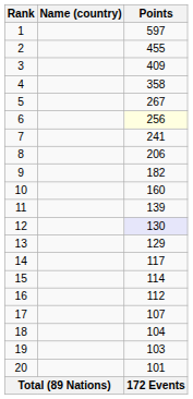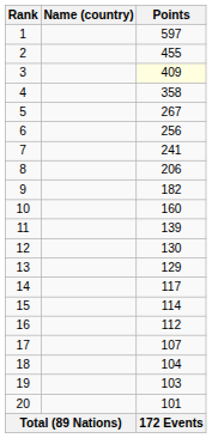 <table class=wikitable>
 <tr>
 <th>Rank</th>
 <th>Name (country)</th>
 <th>Points</th>
 </tr>
 <tr>
 <td align=center>1</td>
 <td align=left></td>
 <td align=center>597</td>
 </tr>
 <tr>
 <td align=center>2</td>
 <td align=left></td>
 <td align=center>455</td>
 </tr>
 <tr>
 <td align=center>3</td>
 <td align=left></td>
-<td align=center>409</td>
+<td align=center style="background: lightyellow;">409</td>
 </tr>
 <tr>
 <td align=center>4</td>
 <td align=left></td>
 <td align=center>358</td>
 </tr>
 <tr>
 <td align=center>5</td>
 <td align=left></td>
 <td align=center>267</td>
 </tr>
 <tr>
 <td align=center>6</td>
 <td align=left></td>
-<td align=center style="background: lightyellow;">256</td>
+<td align=center>256</td>
 </tr>
 <tr>
 <td align=center>7</td>
 <td align=left></td>
 <td align=center>241</td>
 </tr>
 <tr>
 <td align=center>8</td>
 <td align=left></td>
 <td align=center>206</td>
 </tr>
 <tr>
 <td align=center>9</td>
 <td align=left></td>
 <td align=center>182</td>
 </tr>
 <tr>
 <td align=center>10</td>
 <td align=left></td>
 <td align=center>160</td>
 </tr>
 <tr>
 <td align=center>11</td>
 <td align=left></td>
 <td align=center>139</td>
 </tr>
 <tr>
 <td align=center>12</td>
 <td align=left></td>
-<td align=center style="background: lavender;">130</td>
+<td align=center>130</td>
 </tr>
 <tr>
 <td align=center>13</td>
 <td align=left></td>
 <td align=center>129</td>
 </tr>
 <tr>
 <td align=center>14</td>
 <td align=left></td>
 <td align=center>117</td>
 </tr>
 <tr>
 <td align=center>15</td>
 <td align=left></td>
 <td align=center>114</td>
 </tr>
 <tr>
 <td align=center>16</td>
 <td align=left></td>
 <td align=center>112</td>
 </tr>
 <tr>
 <td align=center>17</td>
 <td align=left></td>
 <td align=center>107</td>
 </tr>
 <tr>
 <td align=center>18</td>
 <td align=left></td>
 <td align=center>104</td>
 </tr>
 <tr>
 <td align=center>19</td>
 <td align=left></td>
 <td align=center>103</td>
 </tr>
 <tr>
 <td align=center>20</td>
 <td align=left></td>
 <td align=center>101</td>
 </tr>
 <tr class="sortbottom">
 <th colspan=2>Total (89 Nations)</th>
 <th>172 Events</th>
 </tr>
 </table>
